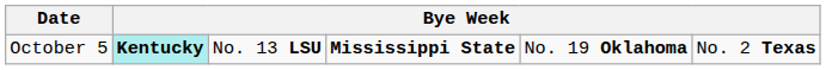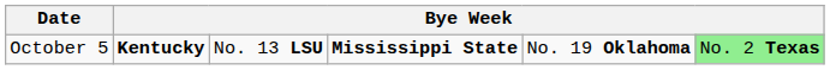 <table class="wikitable" style="font-size:95%;">
 <tr>
 <th>Date</th>
 <th colspan="5">Bye Week</th>
 </tr>
 <tr>
 <td>October 5</td>
-<td style="background: paleturquoise;"><strong>Kentucky</strong></td>
+<td><strong>Kentucky</strong></td>
 <td>No. 13 <strong>LSU</strong></td>
 <td><strong>Mississippi State</strong></td>
 <td>No. 19 <strong>Oklahoma</strong></td>
-<td>No. 2 <strong>Texas</strong></td>
+<td style="background: lightgreen;">No. 2 <strong>Texas</strong></td>
 </tr>
 </table>
